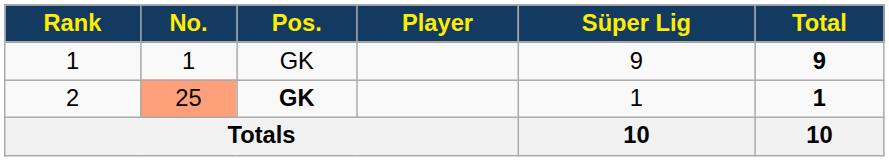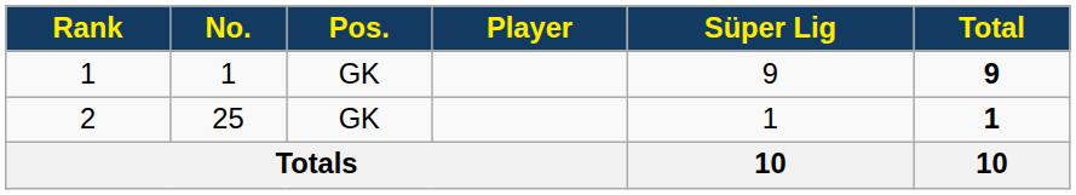 <table class="wikitable sortable" style="text-align:center;width:30%;">
 <tr>
 <th style="background:#133A61; color:#FFED00; ">Rank</th>
 <th style="background:#133A61; color:#FFED00; ">No.</th>
 <th style="background:#133A61; color:#FFED00; ">Pos.</th>
 <th style="background:#133A61; color:#FFED00; ">Player</th>
 <th style="background:#133A61; color:#FFED00; ">Süper Lig</th>
 <th style="background:#133A61; color:#FFED00; ">Total</th>
 </tr>
 <tr>
 <td>1</td>
 <td>1</td>
 <td>GK</td>
 <td align=left> </td>
 <td>9</td>
 <td><strong>9</strong></td>
 </tr>
 <tr>
 <td>2</td>
-<td style="background: lightsalmon;">25</td>
-<td><strong>GK</strong></td>
+<td>25</td>
+<td>GK</td>
 <td align=left> </td>
 <td>1</td>
 <td><strong>1</strong></td>
 </tr>
 <tr>
 <th colspan=4><strong>Totals </strong></th>
 <th><strong>10</strong></th>
 <th><strong>10</strong></th>
 </tr>
 </table>
